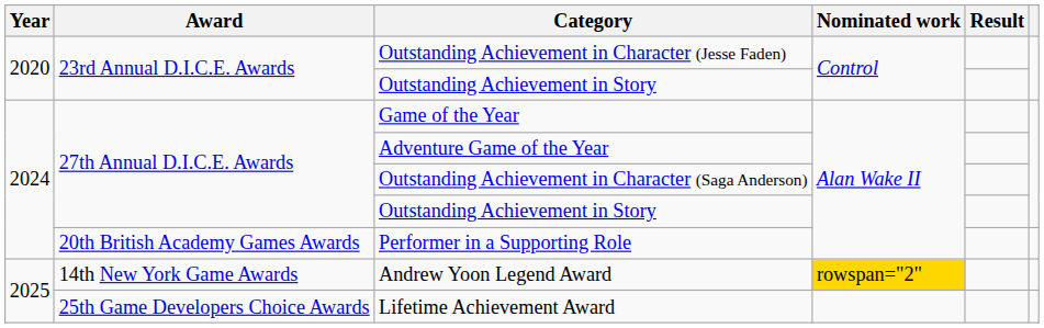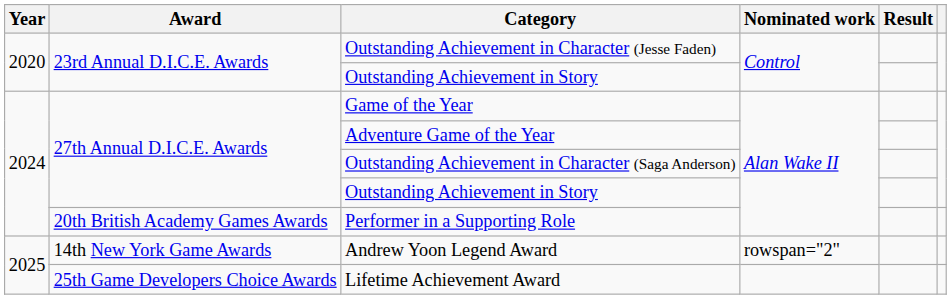 <table class=wikitable>
 <tr>
 <th scope="col">Year</th>
 <th scope="col">Award</th>
 <th scope="col">Category</th>
 <th scope="col">Nominated work</th>
 <th scope="col">Result</th>
 <th></th>
 </tr>
 <tr>
 <td rowspan="2" style="text-align:center;">2020</td>
 <td rowspan="2"><a href='#'>23rd Annual D.I.C.E. Awards</a></td>
 <td><a href='#'>Outstanding Achievement in Character</a> <small>(Jesse Faden)</small></td>
 <td rowspan="2"><em><a href='#'>Control</a></em></td>
 <td></td>
 <td rowspan="2" style="text-align:center;"></td>
 </tr>
 <tr>
 <td><a href='#'>Outstanding Achievement in Story</a></td>
 <td></td>
 </tr>
 <tr>
 <td rowspan="5" style="text-align:center;">2024</td>
 <td rowspan="4"><a href='#'>27th Annual D.I.C.E. Awards</a></td>
 <td><a href='#'>Game of the Year</a></td>
 <td rowspan="5"><em><a href='#'>Alan Wake II</a></em></td>
 <td></td>
 <td rowspan="4" style="text-align:center;"></td>
 </tr>
 <tr>
 <td><a href='#'>Adventure Game of the Year</a></td>
 <td></td>
 </tr>
 <tr>
 <td><a href='#'>Outstanding Achievement in Character</a> <small>(Saga Anderson)</small></td>
 <td></td>
 </tr>
 <tr>
 <td><a href='#'>Outstanding Achievement in Story</a></td>
 <td></td>
 </tr>
 <tr>
 <td><a href='#'>20th British Academy Games Awards</a></td>
 <td><a href='#'>Performer in a Supporting Role</a></td>
 <td></td>
 <td style="text-align:center;"></td>
 </tr>
 <tr>
 <td rowspan="2">2025</td>
 <td>14th <a href='#'>New York Game Awards</a></td>
 <td>Andrew Yoon Legend Award</td>
-<td style="background: gold;">rowspan="2" </td>
+<td>rowspan="2" </td>
 <td></td>
 <td style="text-align:center;"></td>
 </tr>
 <tr>
 <td><a href='#'>25th Game Developers Choice Awards</a></td>
 <td>Lifetime Achievement Award</td>
 <td></td>
 <td style="text-align:center;"></td>
 </tr>
 </table>
